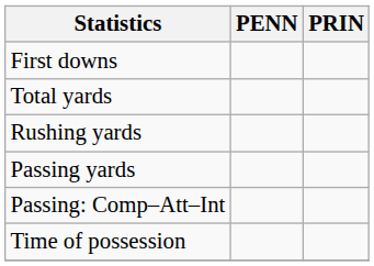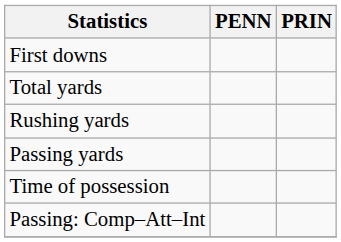 <table class="wikitable" style="float: left;">
 <tr>
 <th>Statistics</th>
 <th>PENN</th>
 <th>PRIN</th>
 </tr>
 <tr>
 <td>First downs</td>
 <td></td>
 <td></td>
 </tr>
 <tr>
 <td>Total yards</td>
 <td></td>
 <td></td>
 </tr>
 <tr>
 <td>Rushing yards</td>
 <td></td>
 <td></td>
 </tr>
 <tr>
 <td>Passing yards</td>
 <td></td>
 <td></td>
 </tr>
 <tr>
-<td>Passing: Comp–Att–Int</td>
+<td>Time of possession</td>
 <td></td>
 <td></td>
 </tr>
 <tr>
-<td>Time of possession</td>
+<td>Passing: Comp–Att–Int</td>
 <td></td>
 <td></td>
 </tr>
 <tr>
 </tr>
 </table>
